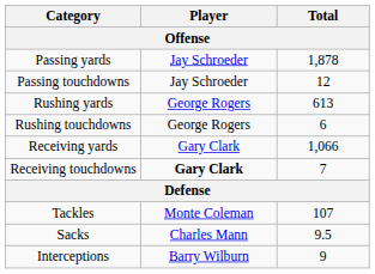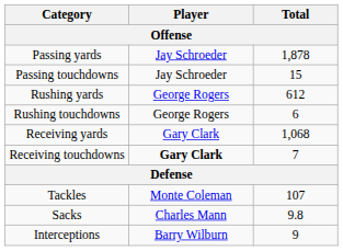 <table class="wikitable" style="text-align:center">
 <tr>
 <th width="150">Category</th>
 <th width="150">Player</th>
 <th width="100">Total</th>
 </tr>
 <tr>
 <th align="center" colspan="4">Offense</th>
 </tr>
 <tr>
 <td>Passing yards</td>
 <td><a href='#'>Jay Schroeder</a></td>
 <td>1,878</td>
 </tr>
 <tr>
 <td>Passing touchdowns</td>
 <td>Jay Schroeder</td>
-<td>12</td>
+<td>15</td>
 </tr>
 <tr>
 <td>Rushing yards</td>
 <td><a href='#'>George Rogers</a></td>
-<td>613</td>
+<td>612</td>
 </tr>
 <tr>
 <td>Rushing touchdowns</td>
 <td>George Rogers</td>
 <td>6</td>
 </tr>
 <tr>
 <td>Receiving yards</td>
 <td><a href='#'>Gary Clark</a></td>
-<td>1,066</td>
+<td>1,068</td>
 </tr>
 <tr>
 <td>Receiving touchdowns</td>
 <td><strong>Gary Clark</strong></td>
 <td>7</td>
 </tr>
 <tr>
 <th align="center" colspan="4">Defense</th>
 </tr>
 <tr>
 <td>Tackles</td>
 <td><a href='#'>Monte Coleman</a></td>
 <td>107</td>
 </tr>
 <tr>
 <td>Sacks</td>
 <td><a href='#'>Charles Mann</a></td>
-<td>9.5</td>
+<td>9.8</td>
 </tr>
 <tr>
 <td>Interceptions</td>
 <td><a href='#'>Barry Wilburn</a></td>
 <td>9</td>
 </tr>
 </table>
